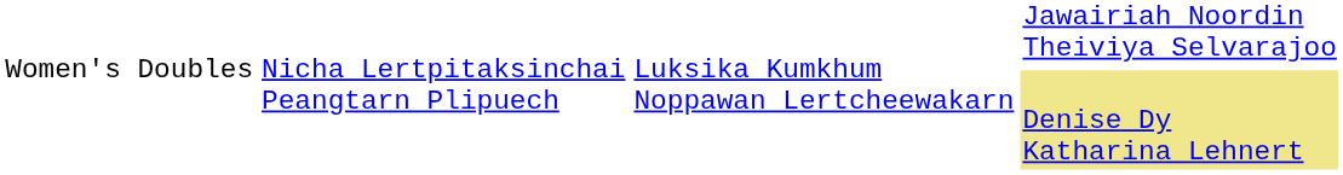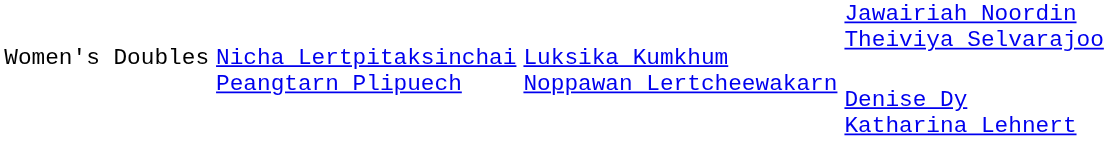 <table>
 <tr>
 <td rowspan=2>Women's Doubles</td>
 <td rowspan=2> <br> <a href='#'>Nicha Lertpitaksinchai</a> <br> <a href='#'>Peangtarn Plipuech</a></td>
 <td rowspan=2> <br> <a href='#'>Luksika Kumkhum</a> <br> <a href='#'>Noppawan Lertcheewakarn</a></td>
 <td> <br> <a href='#'>Jawairiah Noordin</a> <br> <a href='#'>Theiviya Selvarajoo</a></td>
 </tr>
 <tr>
-<td style="background: khaki;"> <br> <a href='#'>Denise Dy</a> <br> <a href='#'>Katharina Lehnert</a></td>
+<td> <br> <a href='#'>Denise Dy</a> <br> <a href='#'>Katharina Lehnert</a></td>
 </tr>
 <tr>
 </tr>
 </table>
